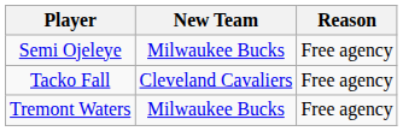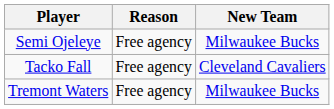 <table class="wikitable sortable sortable" style="text-align: center">
 <tr>
 <th>Player</th>
+<th>Reason</th>
 <th>New Team</th>
-<th>Reason</th>
 </tr>
 <tr>
 <td><a href='#'>Semi Ojeleye</a></td>
+<td>Free agency</td>
 <td><a href='#'>Milwaukee Bucks</a></td>
-<td>Free agency</td>
 </tr>
 <tr>
 <td><a href='#'>Tacko Fall</a></td>
+<td>Free agency</td>
 <td><a href='#'>Cleveland Cavaliers</a></td>
-<td>Free agency</td>
 </tr>
 <tr>
 <td><a href='#'>Tremont Waters</a></td>
+<td>Free agency</td>
 <td><a href='#'>Milwaukee Bucks</a></td>
-<td>Free agency</td>
 </tr>
 </table>
